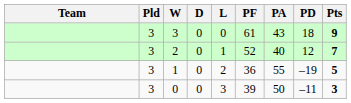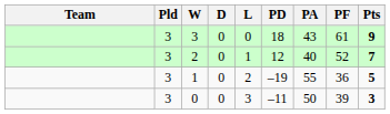 <table class="wikitable" style="text-align:center;">
 <tr>
 <th width=175>Team</th>
 <th width=25 abbr="Played">Pld</th>
 <th width=25 abbr="Won">W</th>
 <th width=25 abbr="Drawn">D</th>
 <th width=25 abbr="Lost">L</th>
+<th width=32 abbr="Points difference">PD</th>
+<th width=32 abbr="Points against">PA</th>
 <th width=32 abbr="Points for">PF</th>
-<th width=32 abbr="Points against">PA</th>
-<th width=32 abbr="Points difference">PD</th>
 <th width=25 abbr="Points">Pts</th>
 </tr>
 <tr bgcolor=ccffcc>
 <td align=left></td>
 <td>3</td>
 <td>3</td>
 <td>0</td>
 <td>0</td>
+<td>18</td>
+<td>43</td>
 <td>61</td>
-<td>43</td>
-<td>18</td>
 <td><strong>9</strong></td>
 </tr>
 <tr bgcolor=ccffcc>
 <td align=left></td>
 <td>3</td>
 <td>2</td>
 <td>0</td>
 <td>1</td>
+<td>12</td>
+<td>40</td>
 <td>52</td>
-<td>40</td>
-<td>12</td>
 <td><strong>7</strong></td>
 </tr>
 <tr>
 <td align=left></td>
 <td>3</td>
 <td>1</td>
 <td>0</td>
 <td>2</td>
+<td>–19</td>
+<td>55</td>
 <td>36</td>
-<td>55</td>
-<td>–19</td>
 <td><strong>5</strong></td>
 </tr>
 <tr>
 <td align=left></td>
 <td>3</td>
 <td>0</td>
 <td>0</td>
 <td>3</td>
+<td>–11</td>
+<td>50</td>
 <td>39</td>
-<td>50</td>
-<td>–11</td>
 <td><strong>3</strong></td>
 </tr>
 </table>
